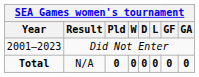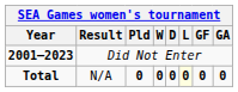 <table class="wikitable" style="text-align: center;font-size:90%;">
 <tr>
 <th colspan=8><a href='#'>SEA Games women's tournament</a></th>
 </tr>
 <tr>
 <th>Year</th>
 <th>Result</th>
 <th>Pld</th>
 <th>W</th>
 <th>D</th>
 <th>L</th>
 <th>GF</th>
 <th>GA</th>
 </tr>
 <tr>
-<td>2001–2023</td>
+<td><strong>2001–2023</strong></td>
 <td colspan="8"><em>Did Not Enter</em></td>
 </tr>
 <tr>
 <td><strong>Total</strong></td>
 <td>N/A</td>
 <td><strong>0</strong></td>
 <td><strong>0</strong></td>
 <td><strong>0</strong></td>
-<td><strong>0</strong></td>
+<td style="background: lightyellow;"><strong>0</strong></td>
 <td><strong>0</strong></td>
 <td><strong>0</strong></td>
 </tr>
 </table>
